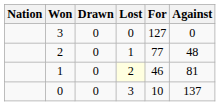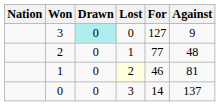 <table class="wikitable" style="text-align: center;">
 <tr>
 <th>Nation</th>
 <th>Won</th>
 <th>Drawn</th>
 <th>Lost</th>
 <th>For</th>
 <th>Against</th>
 </tr>
 <tr>
 <td align="left"></td>
 <td>3</td>
-<td>0</td>
+<td style="background: paleturquoise;">0</td>
 <td>0</td>
 <td>127</td>
-<td>0</td>
+<td>9</td>
 </tr>
 <tr>
 <td align="left"></td>
 <td>2</td>
 <td>0</td>
 <td>1</td>
 <td>77</td>
 <td>48</td>
 </tr>
 <tr>
 <td align="left"></td>
 <td>1</td>
 <td>0</td>
 <td style="background: lightyellow;">2</td>
 <td>46</td>
 <td>81</td>
 </tr>
 <tr>
 <td align="left"></td>
 <td>0</td>
 <td>0</td>
 <td>3</td>
-<td>10</td>
+<td>14</td>
 <td>137</td>
 </tr>
 </table>
